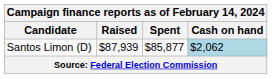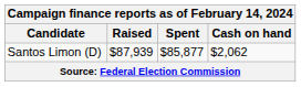 <table class="wikitable sortable">
 <tr>
 <th colspan=4>Campaign finance reports as of February 14, 2024</th>
 </tr>
 <tr style="text-align:center;">
 <th>Candidate</th>
 <th>Raised</th>
 <th>Spent</th>
 <th>Cash on hand</th>
 </tr>
 <tr>
 <td style="color:black;background-color:">Santos Limon (D)</td>
 <td>$87,939</td>
 <td>$85,877</td>
-<td style="background: lightblue;">$2,062</td>
+<td>$2,062</td>
 </tr>
 <tr>
 <th colspan="4"><small>Source: <a href='#'>Federal Election Commission</a></small></th>
 </tr>
 </table>
